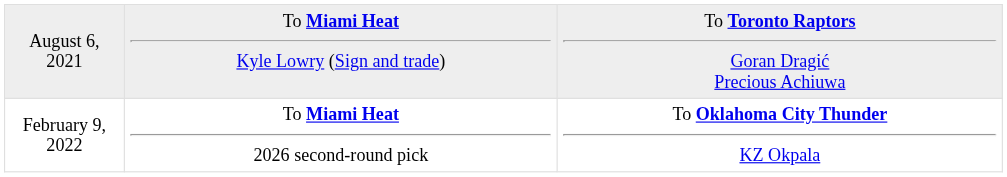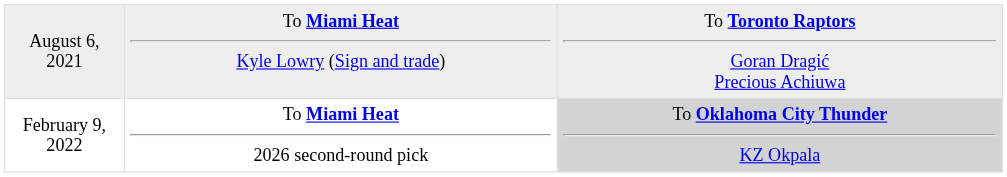 <table border=1 style="border-collapse:collapse; text-align: center; width: 100%" bordercolor="#DFDFDF"  cellpadding="5">
 <tr style="background:#eee;">
 <td style="width:12%">August 6, 2021</td>
 <td style="width:44; vertical-align:top;">To <strong><a href='#'>Miami Heat</a></strong><hr><a href='#'>Kyle Lowry</a> (<a href='#'>Sign and trade</a>)</td>
 <td style="width:44; vertical-align:top;">To <strong><a href='#'>Toronto Raptors</a></strong><hr><a href='#'>Goran Dragić</a><br><a href='#'>Precious Achiuwa</a></td>
 </tr>
 <tr>
 <td style="width:12%">February 9, 2022</td>
 <td style="width:44; vertical-align:top;">To <strong><a href='#'>Miami Heat</a></strong><hr>2026 second-round pick</td>
-<td style="width:44; vertical-align:top;">To <strong><a href='#'>Oklahoma City Thunder</a></strong><hr><a href='#'>KZ Okpala</a></td>
+<td style="background: lightgrey; width:44; vertical-align:top;">To <strong><a href='#'>Oklahoma City Thunder</a></strong><hr><a href='#'>KZ Okpala</a></td>
 </tr>
 </table>
